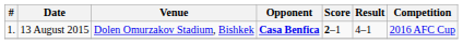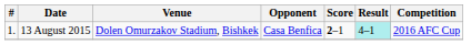 <table class="wikitable">
 <tr>
 <th>#</th>
 <th>Date</th>
 <th>Venue</th>
 <th>Opponent</th>
 <th>Score</th>
 <th>Result</th>
 <th>Competition</th>
 </tr>
 <tr>
 <td>1.</td>
 <td>13 August 2015</td>
 <td><a href='#'>Dolen Omurzakov Stadium</a>, <a href='#'>Bishkek</a></td>
-<td><strong> <a href='#'>Casa Benfica</a></strong></td>
+<td> <a href='#'>Casa Benfica</a></td>
 <td><strong>2</strong>–1</td>
-<td>4–1</td>
+<td style="background: paleturquoise;">4–1</td>
 <td><a href='#'>2016 AFC Cup</a></td>
 </tr>
 <tr>
 </tr>
 </table>
